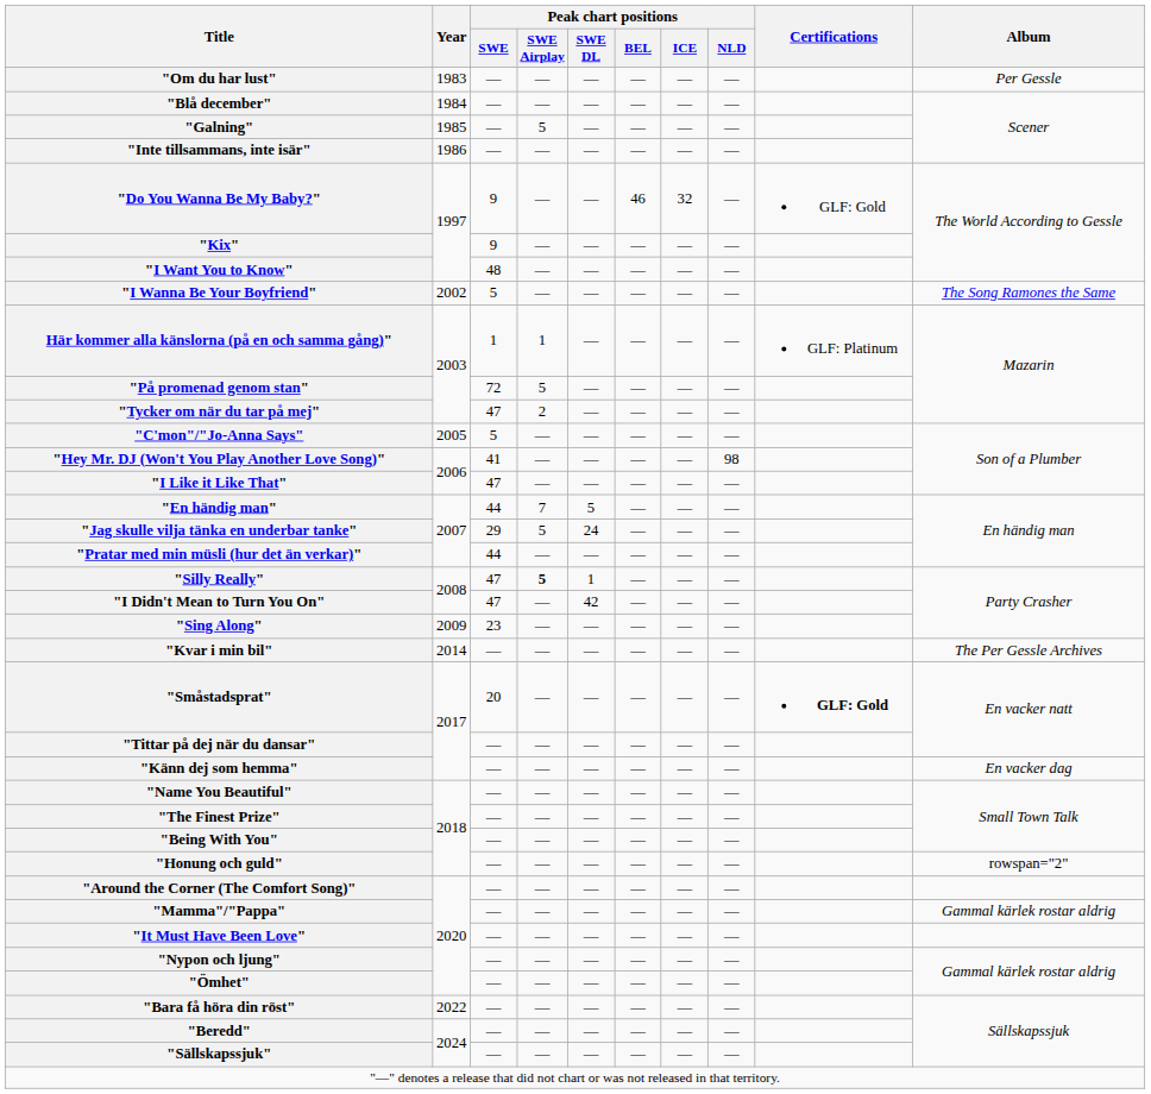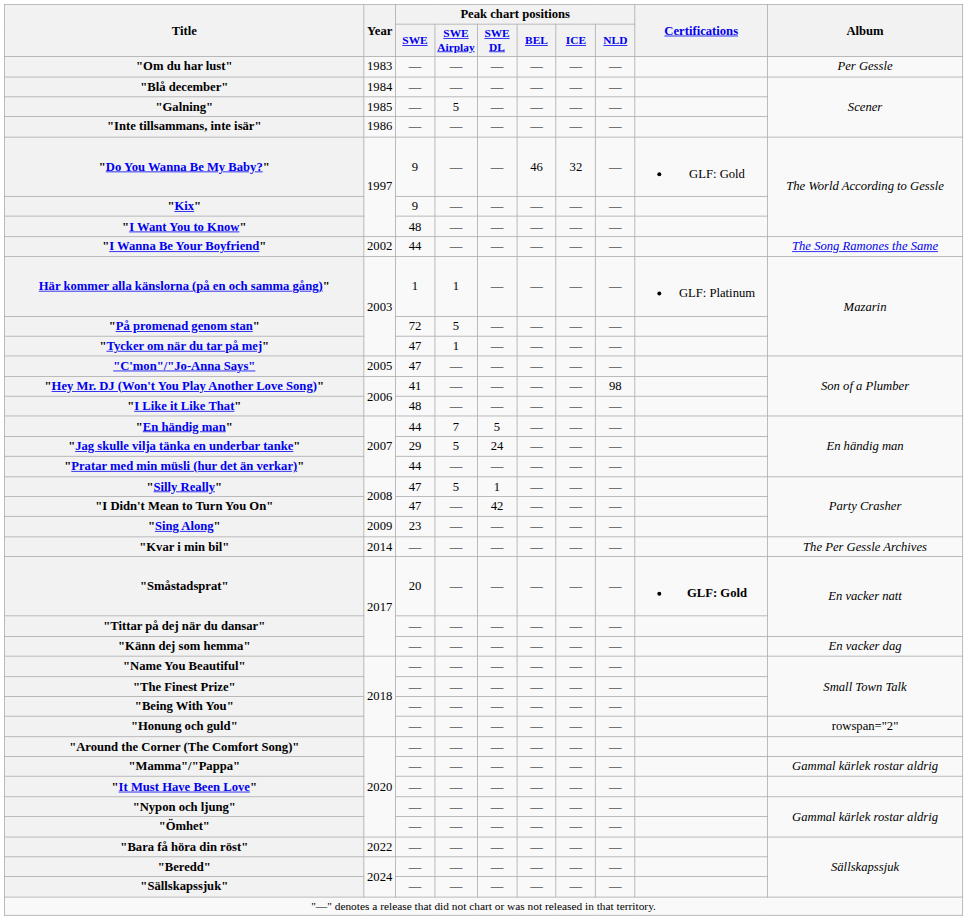 <table class="wikitable plainrowheaders" style="text-align:center;">
 <tr>
 <th scope="col" rowspan="2" style="width:28em;">Title</th>
 <th scope="col" rowspan="2" style="width:1em;">Year</th>
 <th scope="col" colspan="6" style="width:1em;">Peak chart positions</th>
 <th scope="col" rowspan="2" style="width:10em;"><a href='#'>Certifications</a></th>
 <th scope="col" rowspan="2" style="width:15em;">Album</th>
 </tr>
 <tr>
 <th scope="col" style="width:3em;font-size:90%;"><a href='#'>SWE</a><br></th>
 <th scope="col" style="width:3em;font-size:90%;"><a href='#'>SWE<br>Airplay</a><br></th>
 <th scope="col" style="width:3em;font-size:90%;"><a href='#'>SWE<br>DL</a><br></th>
 <th scope="col" style="width:3em;font-size:90%;"><a href='#'>BEL</a><br></th>
 <th scope="col" style="width:3em;font-size:90%;"><a href='#'>ICE</a><br></th>
 <th scope="col" style="width:3em;font-size:90%;"><a href='#'>NLD</a><br></th>
 </tr>
 <tr>
 <th scope="row">"Om du har lust"</th>
 <td>1983</td>
 <td>—</td>
 <td>—</td>
 <td>—</td>
 <td>—</td>
 <td>—</td>
 <td>—</td>
 <td></td>
 <td><em>Per Gessle</em></td>
 </tr>
 <tr>
 <th scope="row">"Blå december"</th>
 <td>1984</td>
 <td>—</td>
 <td>—</td>
 <td>—</td>
 <td>—</td>
 <td>—</td>
 <td>—</td>
 <td></td>
 <td rowspan="3"><em>Scener</em></td>
 </tr>
 <tr>
 <th scope="row">"Galning"</th>
 <td>1985</td>
 <td>—</td>
 <td>5</td>
 <td>—</td>
 <td>—</td>
 <td>—</td>
 <td>—</td>
 <td></td>
 </tr>
 <tr>
 <th scope="row">"Inte tillsammans, inte isär"</th>
 <td>1986</td>
 <td>—</td>
 <td>—</td>
 <td>—</td>
 <td>—</td>
 <td>—</td>
 <td>—</td>
 <td></td>
 </tr>
 <tr>
 <th scope="row">"<a href='#'>Do You Wanna Be My Baby?</a>"</th>
 <td rowspan=3>1997</td>
 <td>9</td>
 <td>—</td>
 <td>—</td>
 <td>46</td>
 <td>32</td>
 <td>—</td>
 <td><br><ul><li>GLF: Gold</li></ul></td>
 <td rowspan=3><em>The World According to Gessle</em></td>
 </tr>
 <tr>
 <th scope="row">"<a href='#'>Kix</a>"</th>
 <td>9</td>
 <td>—</td>
 <td>—</td>
 <td>—</td>
 <td>—</td>
 <td>—</td>
 <td></td>
 </tr>
 <tr>
 <th scope="row">"<a href='#'>I Want You to Know</a>"</th>
 <td>48</td>
 <td>—</td>
 <td>—</td>
 <td>—</td>
 <td>—</td>
 <td>—</td>
 <td></td>
 </tr>
 <tr>
 <th scope="row">"<a href='#'>I Wanna Be Your Boyfriend</a>"</th>
 <td>2002</td>
-<td>5</td>
+<td>44</td>
 <td>—</td>
 <td>—</td>
 <td>—</td>
 <td>—</td>
 <td>—</td>
 <td></td>
 <td><em><a href='#'>The Song Ramones the Same</a></em></td>
 </tr>
 <tr>
 <th scope="row"><a href='#'>Här kommer alla känslorna (på en och samma gång)</a>"</th>
 <td rowspan=3>2003</td>
 <td>1</td>
 <td>1</td>
 <td>—</td>
 <td>—</td>
 <td>—</td>
 <td>—</td>
 <td><br><ul><li>GLF: Platinum</li></ul></td>
 <td rowspan=3><em>Mazarin</em></td>
 </tr>
 <tr>
 <th scope="row">"<a href='#'>På promenad genom stan</a>"</th>
 <td>72</td>
 <td>5</td>
 <td>—</td>
 <td>—</td>
 <td>—</td>
 <td>—</td>
 <td></td>
 </tr>
 <tr>
 <th scope="row">"<a href='#'>Tycker om när du tar på mej</a>"</th>
 <td>47</td>
-<td>2</td>
+<td>1</td>
 <td>—</td>
 <td>—</td>
 <td>—</td>
 <td>—</td>
 <td></td>
 </tr>
 <tr>
 <th scope="row"><a href='#'>"C'mon"/"Jo-Anna Says"</a></th>
 <td>2005</td>
-<td>5</td>
+<td>47</td>
 <td>—</td>
 <td>—</td>
 <td>—</td>
 <td>—</td>
 <td>—</td>
 <td></td>
 <td rowspan=3><em>Son of a Plumber</em></td>
 </tr>
 <tr>
 <th scope="row">"<a href='#'>Hey Mr. DJ (Won't You Play Another Love Song)</a>"</th>
 <td rowspan=2>2006</td>
 <td>41</td>
 <td>—</td>
 <td>—</td>
 <td>—</td>
 <td>—</td>
 <td>98</td>
 <td></td>
 </tr>
 <tr>
 <th scope="row">"<a href='#'>I Like it Like That</a>"</th>
-<td>47</td>
+<td>48</td>
 <td>—</td>
 <td>—</td>
 <td>—</td>
 <td>—</td>
 <td>—</td>
 <td></td>
 </tr>
 <tr>
 <th scope="row">"<a href='#'>En händig man</a>"</th>
 <td rowspan=3>2007</td>
 <td>44</td>
 <td>7</td>
 <td>5</td>
 <td>—</td>
 <td>—</td>
 <td>—</td>
 <td></td>
 <td rowspan=3><em>En händig man</em></td>
 </tr>
 <tr>
 <th scope="row">"<a href='#'>Jag skulle vilja tänka en underbar tanke</a>"</th>
 <td>29</td>
 <td>5</td>
 <td>24</td>
 <td>—</td>
 <td>—</td>
 <td>—</td>
 <td></td>
 </tr>
 <tr>
 <th scope="row">"<a href='#'>Pratar med min müsli (hur det än verkar)</a>"</th>
 <td>44</td>
 <td>—</td>
 <td>—</td>
 <td>—</td>
 <td>—</td>
 <td>—</td>
 <td></td>
 </tr>
 <tr>
 <th scope="row">"<a href='#'>Silly Really</a>"</th>
 <td rowspan=2>2008</td>
 <td>47</td>
-<td><strong>5</strong></td>
+<td>5</td>
 <td>1</td>
 <td>—</td>
 <td>—</td>
 <td>—</td>
 <td></td>
 <td rowspan=3><em>Party Crasher</em></td>
 </tr>
 <tr>
 <th scope="row">"I Didn't Mean to Turn You On"</th>
 <td>47</td>
 <td>—</td>
 <td>42</td>
 <td>—</td>
 <td>—</td>
 <td>—</td>
 <td></td>
 </tr>
 <tr>
 <th scope="row">"<a href='#'>Sing Along</a>"</th>
 <td>2009</td>
 <td>23</td>
 <td>—</td>
 <td>—</td>
 <td>—</td>
 <td>—</td>
 <td>—</td>
 <td></td>
 </tr>
 <tr>
 <th scope="row">"Kvar i min bil"</th>
 <td>2014</td>
 <td>—</td>
 <td>—</td>
 <td>—</td>
 <td>—</td>
 <td>—</td>
 <td>—</td>
 <td></td>
 <td><em>The Per Gessle Archives</em></td>
 </tr>
 <tr>
 <th scope="row">"Småstadsprat" </th>
 <td rowspan="3">2017</td>
 <td>20</td>
 <td>—</td>
 <td>—</td>
 <td>—</td>
 <td>—</td>
 <td>—</td>
 <td><strong><br><ul><li>GLF: Gold</li></ul></strong></td>
 <td rowspan="2"><em>En vacker natt</em></td>
 </tr>
 <tr>
 <th scope="row">"Tittar på dej när du dansar"</th>
 <td>—</td>
 <td>—</td>
 <td>—</td>
 <td>—</td>
 <td>—</td>
 <td>—</td>
 <td></td>
 </tr>
 <tr>
 <th scope="row">"Känn dej som hemma"</th>
 <td>—</td>
 <td>—</td>
 <td>—</td>
 <td>—</td>
 <td>—</td>
 <td>—</td>
 <td></td>
 <td><em>En vacker dag</em></td>
 </tr>
 <tr>
 <th scope="row">"Name You Beautiful" </th>
 <td rowspan="4">2018</td>
 <td>—</td>
 <td>—</td>
 <td>—</td>
 <td>—</td>
 <td>—</td>
 <td>—</td>
 <td></td>
 <td rowspan="3"><em>Small Town Talk</em></td>
 </tr>
 <tr>
 <th scope="row">"The Finest Prize" </th>
 <td>—</td>
 <td>—</td>
 <td>—</td>
 <td>—</td>
 <td>—</td>
 <td>—</td>
 <td></td>
 </tr>
 <tr>
 <th scope="row">"Being With You"</th>
 <td>—</td>
 <td>—</td>
 <td>—</td>
 <td>—</td>
 <td>—</td>
 <td>—</td>
 <td></td>
 </tr>
 <tr>
 <th scope="row">"Honung och guld" </th>
 <td>—</td>
 <td>—</td>
 <td>—</td>
 <td>—</td>
 <td>—</td>
 <td>—</td>
 <td></td>
 <td>rowspan="2" </td>
 </tr>
 <tr>
 <th scope="row">"Around the Corner (The Comfort Song)" </th>
 <td rowspan="5">2020</td>
 <td>—</td>
 <td>—</td>
 <td>—</td>
 <td>—</td>
 <td>—</td>
 <td>—</td>
 <td></td>
 </tr>
 <tr>
 <th scope="row">"Mamma"/"Pappa" </th>
 <td>—</td>
 <td>—</td>
 <td>—</td>
 <td>—</td>
 <td>—</td>
 <td>—</td>
 <td></td>
 <td><em>Gammal kärlek rostar aldrig</em></td>
 </tr>
 <tr>
 <th scope="row">"<a href='#'>It Must Have Been Love</a>" </th>
 <td>—</td>
 <td>—</td>
 <td>—</td>
 <td>—</td>
 <td>—</td>
 <td>—</td>
 <td></td>
 <td></td>
 </tr>
 <tr>
 <th scope="row">"Nypon och ljung"</th>
 <td>—</td>
 <td>—</td>
 <td>—</td>
 <td>—</td>
 <td>—</td>
 <td>—</td>
 <td></td>
 <td rowspan="2"><em>Gammal kärlek rostar aldrig</em></td>
 </tr>
 <tr>
 <th scope="row">"Ömhet" </th>
 <td>—</td>
 <td>—</td>
 <td>—</td>
 <td>—</td>
 <td>—</td>
 <td>—</td>
 <td></td>
 </tr>
 <tr>
 <th scope="row">"Bara få höra din röst" </th>
 <td>2022</td>
 <td>—</td>
 <td>—</td>
 <td>—</td>
 <td>—</td>
 <td>—</td>
 <td>—</td>
 <td></td>
 <td rowspan="3"><em>Sällskapssjuk</em></td>
 </tr>
 <tr>
 <th scope="row">"Beredd" </th>
 <td rowspan="2">2024</td>
 <td>—</td>
 <td>—</td>
 <td>—</td>
 <td>—</td>
 <td>—</td>
 <td>—</td>
 <td></td>
 </tr>
 <tr>
 <th scope="row">"Sällskapssjuk" </th>
 <td>—</td>
 <td>—</td>
 <td>—</td>
 <td>—</td>
 <td>—</td>
 <td>—</td>
 <td></td>
 </tr>
 <tr>
 <td colspan="10" style="font-size:90%">"—" denotes a release that did not chart or was not released in that territory.</td>
 </tr>
 </table>
